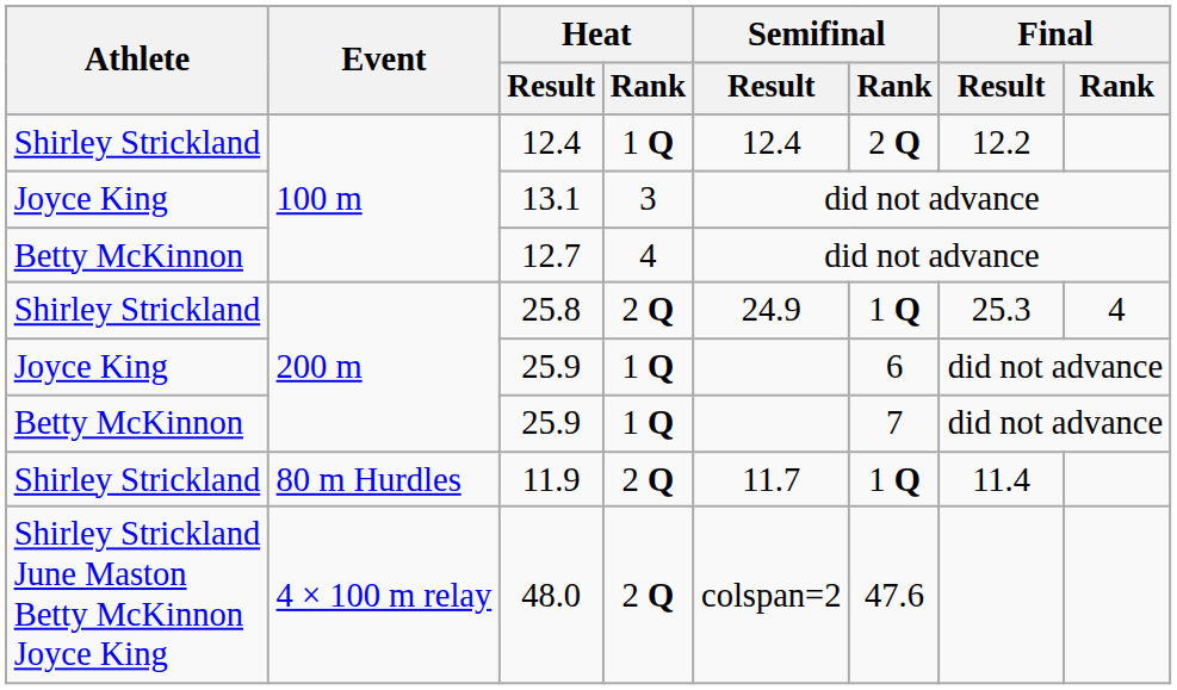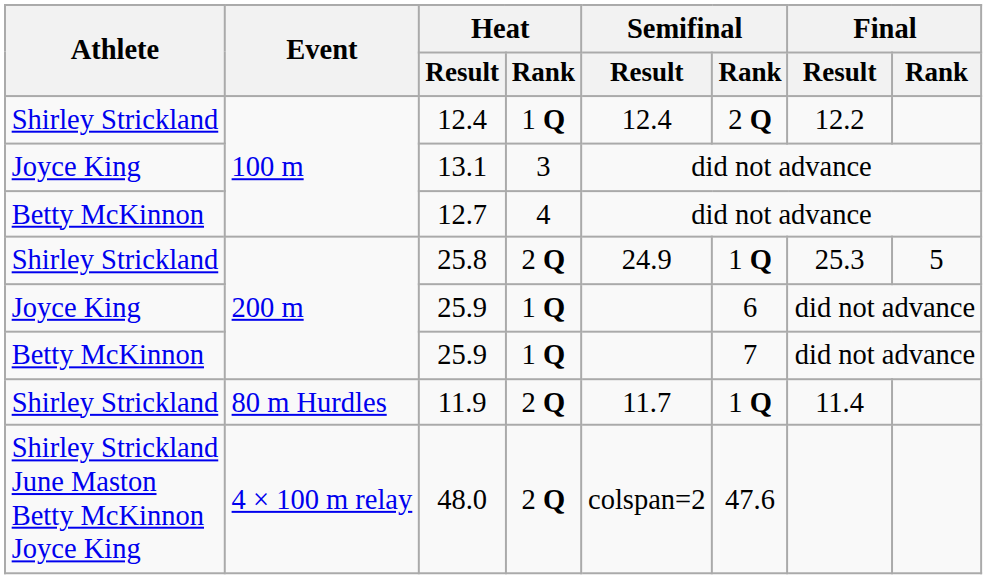 <table class="wikitable" style="font-size:90%">
 <tr>
 <th rowspan=2>Athlete</th>
 <th rowspan=2>Event</th>
 <th colspan=2>Heat</th>
 <th colspan=2>Semifinal</th>
 <th colspan=2>Final</th>
 </tr>
 <tr style="font-size:95%">
 <th>Result</th>
 <th>Rank</th>
 <th>Result</th>
 <th>Rank</th>
 <th>Result</th>
 <th>Rank</th>
 </tr>
 <tr align=center>
 <td align=left><a href='#'>Shirley Strickland</a></td>
 <td align=left rowspan=3><a href='#'>100 m</a></td>
 <td>12.4</td>
 <td>1 <strong>Q</strong></td>
 <td>12.4</td>
 <td>2 <strong>Q</strong></td>
 <td>12.2</td>
 <td></td>
 </tr>
 <tr align=center>
 <td align=left><a href='#'>Joyce King</a></td>
 <td>13.1</td>
 <td>3</td>
 <td colspan=4>did not advance</td>
 </tr>
 <tr align=center>
 <td align=left><a href='#'>Betty McKinnon</a></td>
 <td>12.7</td>
 <td>4</td>
 <td colspan=4>did not advance</td>
 </tr>
 <tr align=center>
 <td align=left><a href='#'>Shirley Strickland</a></td>
 <td align=left rowspan=3><a href='#'>200 m</a></td>
 <td>25.8</td>
 <td>2 <strong>Q</strong></td>
 <td>24.9</td>
 <td>1 <strong>Q</strong></td>
 <td>25.3</td>
-<td>4</td>
+<td>5</td>
 </tr>
 <tr align=center>
 <td align=left><a href='#'>Joyce King</a></td>
 <td>25.9</td>
 <td>1 <strong>Q</strong></td>
 <td></td>
 <td>6</td>
 <td colspan=2>did not advance</td>
 </tr>
 <tr align=center>
 <td align=left><a href='#'>Betty McKinnon</a></td>
 <td>25.9</td>
 <td>1 <strong>Q</strong></td>
 <td></td>
 <td>7</td>
 <td colspan=2>did not advance</td>
 </tr>
 <tr align=center>
 <td align=left><a href='#'>Shirley Strickland</a></td>
 <td align=left><a href='#'>80 m Hurdles</a></td>
 <td>11.9</td>
 <td>2 <strong>Q</strong></td>
 <td>11.7</td>
 <td>1 <strong>Q</strong></td>
 <td>11.4</td>
 <td></td>
 </tr>
 <tr align=center>
 <td align=left><a href='#'>Shirley Strickland</a><br><a href='#'>June Maston</a><br><a href='#'>Betty McKinnon</a><br><a href='#'>Joyce King</a></td>
 <td align=left><a href='#'>4 × 100 m relay</a></td>
 <td>48.0</td>
 <td>2 <strong>Q</strong></td>
 <td>colspan=2 </td>
 <td>47.6</td>
 <td></td>
 </tr>
 </table>
